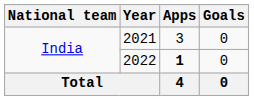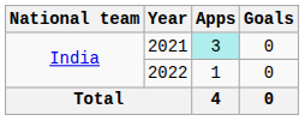 <table class="wikitable" style="text-align: center;">
 <tr>
 <th>National team</th>
 <th>Year</th>
 <th>Apps</th>
 <th>Goals</th>
 </tr>
 <tr>
 <td Rowspan="2"><a href='#'>India</a></td>
 <td>2021</td>
-<td>3</td>
+<td style="background: paleturquoise;">3</td>
 <td>0</td>
 </tr>
 <tr>
 <td>2022</td>
-<td><strong>1</strong></td>
+<td>1</td>
 <td>0</td>
 </tr>
 <tr>
 <th colspan="2">Total</th>
 <th>4</th>
 <th>0</th>
 </tr>
 </table>
